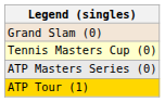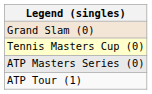 <table class="wikitable">
 <tr>
 <th>Legend (singles)</th>
 </tr>
 <tr bgcolor="#f3e6d7">
 <td>Grand Slam (0)</td>
 </tr>
 <tr bgcolor="ffffcc">
 <td>Tennis Masters Cup (0)</td>
 </tr>
 <tr bgcolor="#e9e9e9">
 <td>ATP Masters Series (0)</td>
 </tr>
 <tr>
-<td style="background: gold;">ATP Tour (1)</td>
+<td>ATP Tour (1)</td>
 </tr>
 </table>
